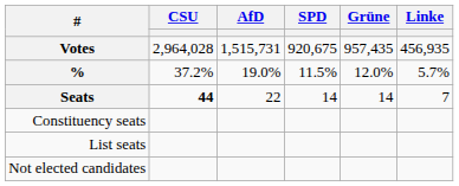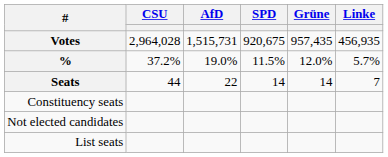 <table class="wikitable" style="text-align:right;vertical-align:top">
 <tr>
 <th rowspan="2">#</th>
 <th class="wikitable sortable"><a href='#'>CSU</a></th>
 <th class="wikitable sortable"><a href='#'>AfD</a></th>
 <th class="wikitable sortable"><a href='#'>SPD</a></th>
 <th class="wikitable sortable"><a href='#'>Grüne</a></th>
 <th class="wikitable sortable"><a href='#'>Linke</a></th>
 </tr>
 <tr>
 <th class="wikitable sortable" style="background:"></th>
 <th class="wikitable sortable" style="background:"></th>
 <th class="wikitable sortable" style="background:"></th>
 <th class="wikitable sortable" style="background:"></th>
 <th class="wikitable sortable" style="background:"></th>
 </tr>
 <tr>
 <th>Votes</th>
 <td>2,964,028</td>
 <td>1,515,731</td>
 <td>920,675</td>
 <td>957,435</td>
 <td>456,935</td>
 </tr>
 <tr>
 <th>%</th>
 <td>37.2%</td>
 <td>19.0%</td>
 <td>11.5%</td>
 <td>12.0%</td>
 <td>5.7%</td>
 </tr>
 <tr>
 <th>Seats</th>
-<td><strong>44</strong></td>
+<td>44</td>
 <td>22</td>
 <td>14</td>
 <td>14</td>
 <td>7</td>
 </tr>
 <tr style="vertical-align:top">
 <td>Constituency seats</td>
 <td></td>
 <td></td>
 <td></td>
 <td></td>
 <td></td>
 </tr>
 <tr style="vertical-align:top">
+<td>Not elected candidates</td>
+<td><div><br>         </div></td>
+<td><div><br> </div></td>
+<td><div><br> </div></td>
+<td><div><br> </div></td>
+<td><div><br> </div></td>
+</tr>
+<tr style="vertical-align:top">
 <td>List seats</td>
 <td></td>
 <td></td>
 <td></td>
 <td></td>
 <td></td>
 </tr>
-<tr style="vertical-align:top">
-<td>Not elected candidates</td>
-<td><div><br>         </div></td>
-<td><div><br> </div></td>
-<td><div><br> </div></td>
-<td><div><br> </div></td>
-<td><div><br> </div></td>
-</tr>
 </table>
